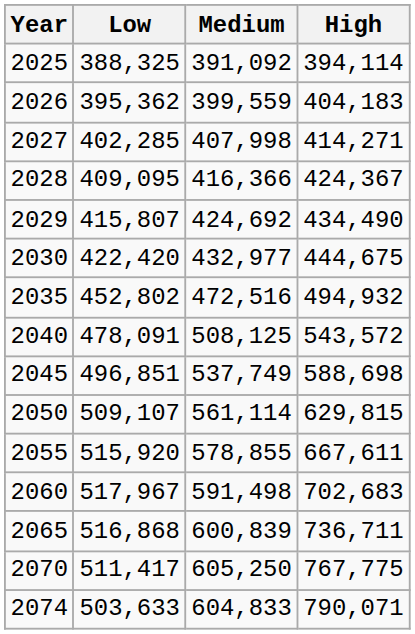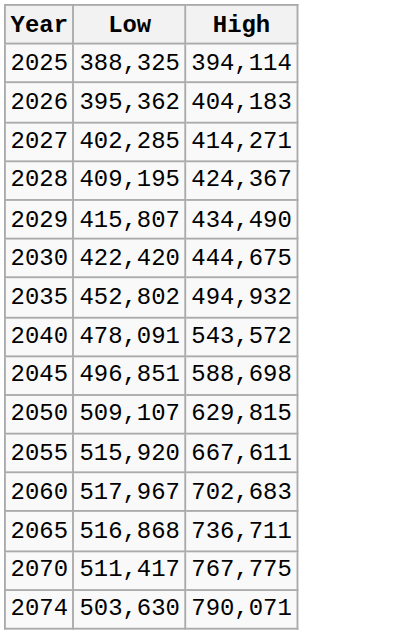 <table class = "wikitable" style = "clear: left; right: left; margin-right: 1em;">
 <tr>
 <th>Year</th>
 <th>Low</th>
-<th>Medium</th>
 <th>High</th>
 </tr>
 <tr style = "text-align: center;">
 <td>2025</td>
 <td>388,325</td>
-<td>391,092</td>
 <td>394,114</td>
 </tr>
 <tr style = "text-align: center;">
 <td>2026</td>
 <td>395,362</td>
-<td>399,559</td>
 <td>404,183</td>
 </tr>
 <tr style = "text-align: center;">
 <td>2027</td>
 <td>402,285</td>
-<td>407,998</td>
 <td>414,271</td>
 </tr>
 <tr style = "text-align: center;">
 <td>2028</td>
-<td>409,095</td>
-<td>416,366</td>
+<td>409,195</td>
 <td>424,367</td>
 </tr>
 <tr style = "text-align: center;">
 <td>2029</td>
 <td>415,807</td>
-<td>424,692</td>
 <td>434,490</td>
 </tr>
 <tr style = "text-align: center;">
 <td>2030</td>
 <td>422,420</td>
-<td>432,977</td>
 <td>444,675</td>
 </tr>
 <tr style = "text-align: center;">
 <td>2035</td>
 <td>452,802</td>
-<td>472,516</td>
 <td>494,932</td>
 </tr>
 <tr style = "text-align: center;">
 <td>2040</td>
 <td>478,091</td>
-<td>508,125</td>
 <td>543,572</td>
 </tr>
 <tr style = "text-align: center;">
 <td>2045</td>
 <td>496,851</td>
-<td>537,749</td>
 <td>588,698</td>
 </tr>
 <tr style = "text-align: center;">
 <td>2050</td>
 <td>509,107</td>
-<td>561,114</td>
 <td>629,815</td>
 </tr>
 <tr style = "text-align: center;">
 <td>2055</td>
 <td>515,920</td>
-<td>578,855</td>
 <td>667,611</td>
 </tr>
 <tr style = "text-align: center;">
 <td>2060</td>
 <td>517,967</td>
-<td>591,498</td>
 <td>702,683</td>
 </tr>
 <tr style = "text-align: center;">
 <td>2065</td>
 <td>516,868</td>
-<td>600,839</td>
 <td>736,711</td>
 </tr>
 <tr style = "text-align: center;">
 <td>2070</td>
 <td>511,417</td>
-<td>605,250</td>
 <td>767,775</td>
 </tr>
 <tr style = "text-align: center;">
 <td>2074</td>
-<td>503,633</td>
-<td>604,833</td>
+<td>503,630</td>
 <td>790,071</td>
 </tr>
 </table>
